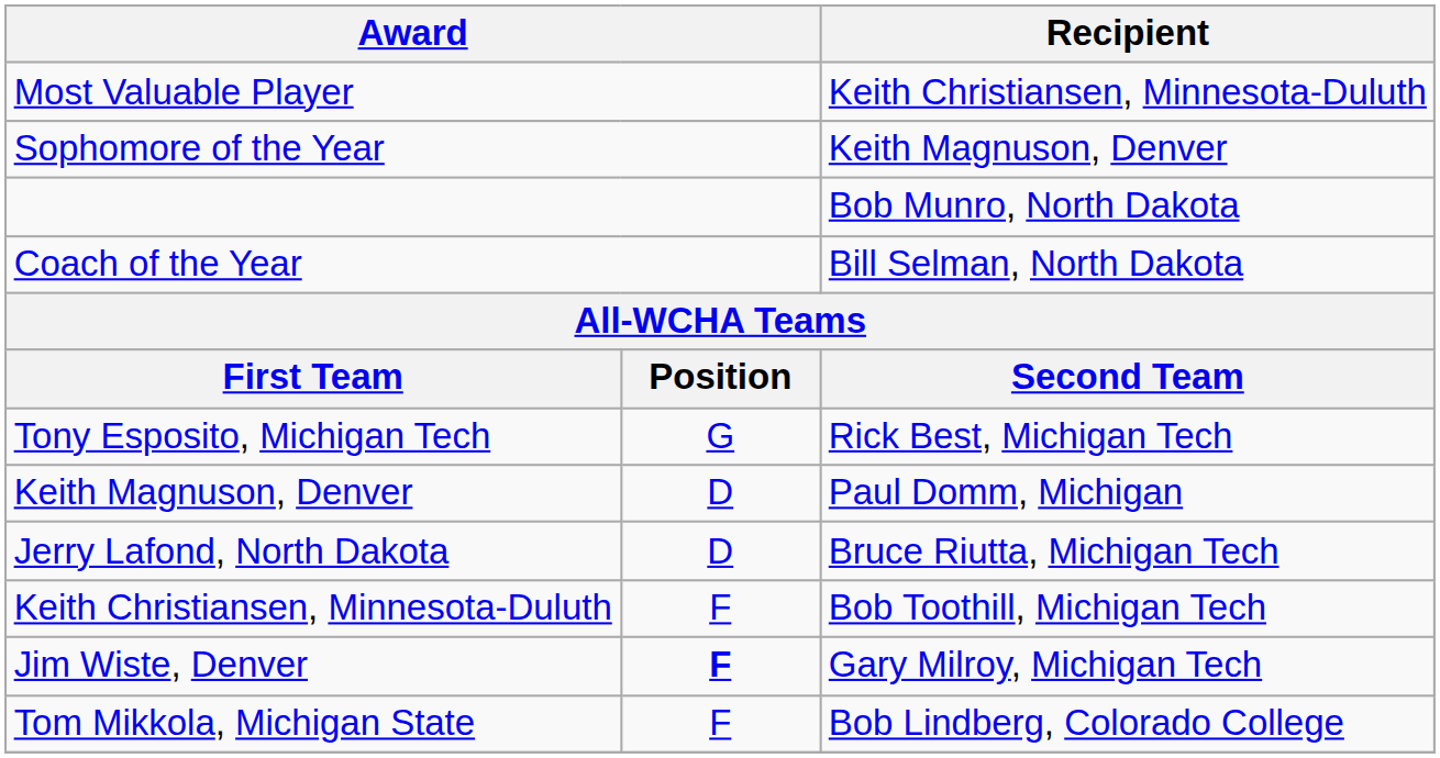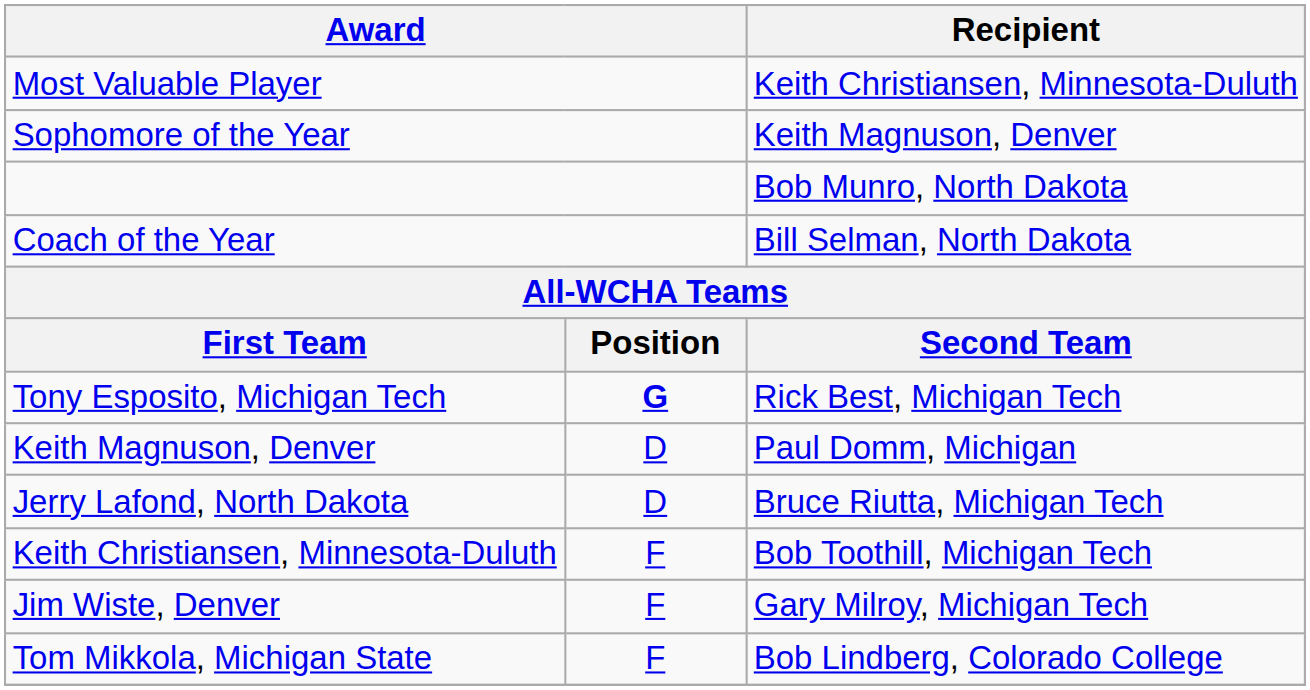 <table class="wikitable">
 <tr>
 <th colspan=2><a href='#'>Award</a></th>
 <th>Recipient</th>
 </tr>
 <tr>
 <td colspan=2><a href='#'>Most Valuable Player</a></td>
 <td><a href='#'>Keith Christiansen</a>, <a href='#'>Minnesota-Duluth</a></td>
 </tr>
 <tr>
 <td colspan=2><a href='#'>Sophomore of the Year</a></td>
 <td><a href='#'>Keith Magnuson</a>, <a href='#'>Denver</a></td>
 </tr>
 <tr>
 <td colspan=2></td>
 <td><a href='#'>Bob Munro</a>, <a href='#'>North Dakota</a></td>
 </tr>
 <tr>
 <td colspan=2><a href='#'>Coach of the Year</a></td>
 <td><a href='#'>Bill Selman</a>, <a href='#'>North Dakota</a></td>
 </tr>
 <tr>
 <th colspan=3><a href='#'>All-WCHA Teams</a></th>
 </tr>
 <tr>
 <th><a href='#'>First Team</a></th>
 <th>  Position  </th>
 <th><a href='#'>Second Team</a></th>
 </tr>
 <tr>
 <td><a href='#'>Tony Esposito</a>, <a href='#'>Michigan Tech</a></td>
-<td align=center><a href='#'>G</a></td>
+<td align=center><strong><a href='#'>G</a></strong></td>
 <td><a href='#'>Rick Best</a>, <a href='#'>Michigan Tech</a></td>
 </tr>
 <tr>
 <td><a href='#'>Keith Magnuson</a>, <a href='#'>Denver</a></td>
 <td align=center><a href='#'>D</a></td>
 <td><a href='#'>Paul Domm</a>, <a href='#'>Michigan</a></td>
 </tr>
 <tr>
 <td><a href='#'>Jerry Lafond</a>, <a href='#'>North Dakota</a></td>
 <td align=center><a href='#'>D</a></td>
 <td><a href='#'>Bruce Riutta</a>, <a href='#'>Michigan Tech</a></td>
 </tr>
 <tr>
 <td><a href='#'>Keith Christiansen</a>, <a href='#'>Minnesota-Duluth</a></td>
 <td align=center><a href='#'>F</a></td>
 <td><a href='#'>Bob Toothill</a>, <a href='#'>Michigan Tech</a></td>
 </tr>
 <tr>
 <td><a href='#'>Jim Wiste</a>, <a href='#'>Denver</a></td>
-<td align=center><strong><a href='#'>F</a></strong></td>
+<td align=center><a href='#'>F</a></td>
 <td><a href='#'>Gary Milroy</a>, <a href='#'>Michigan Tech</a></td>
 </tr>
 <tr>
 <td><a href='#'>Tom Mikkola</a>, <a href='#'>Michigan State</a></td>
 <td align=center><a href='#'>F</a></td>
 <td><a href='#'>Bob Lindberg</a>, <a href='#'>Colorado College</a></td>
 </tr>
 <tr>
 </tr>
 </table>
